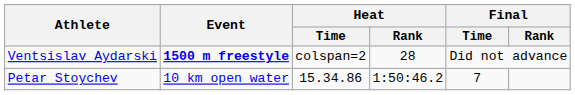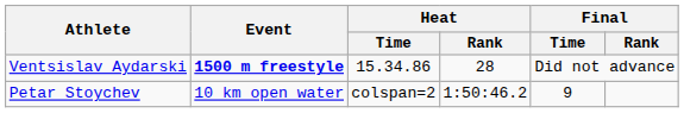 <table class=wikitable style="font-size:90%">
 <tr>
 <th rowspan="2">Athlete</th>
 <th rowspan="2">Event</th>
 <th colspan="2">Heat</th>
 <th colspan="2">Final</th>
 </tr>
 <tr style="font-size:95%">
 <th>Time</th>
 <th>Rank</th>
 <th>Time</th>
 <th>Rank</th>
 </tr>
 <tr align=center>
 <td align=left><a href='#'>Ventsislav Aydarski</a></td>
 <td align=left><strong><a href='#'>1500 m freestyle</a></strong></td>
-<td>colspan=2 </td>
+<td>15.34.86</td>
 <td>28</td>
 <td colspan=2>Did not advance</td>
 </tr>
 <tr align=center>
 <td align=left><a href='#'>Petar Stoychev</a></td>
 <td align=left><a href='#'>10 km open water</a></td>
-<td>15.34.86</td>
+<td>colspan=2 </td>
 <td>1:50:46.2</td>
-<td>7</td>
+<td>9</td>
 </tr>
 </table>
